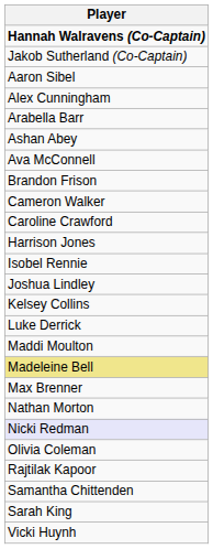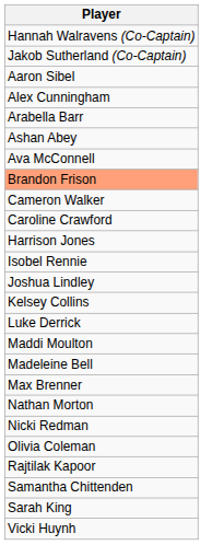 <table class="wikitable mw-collapsible mw-collapsed">
 <tr>
 <th>Player</th>
 </tr>
 <tr>
-<td><strong>Hannah Walravens <em>(Co-Captain)</em></strong></td>
+<td>Hannah Walravens <em>(Co-Captain)</em></td>
 </tr>
 <tr>
 <td>Jakob Sutherland <em>(Co-Captain)</em></td>
 </tr>
 <tr>
 <td>Aaron Sibel</td>
 </tr>
 <tr>
 <td>Alex Cunningham</td>
 </tr>
 <tr>
 <td>Arabella Barr</td>
 </tr>
 <tr>
 <td>Ashan Abey</td>
 </tr>
 <tr>
 <td>Ava McConnell</td>
 </tr>
 <tr>
-<td>Brandon Frison</td>
+<td style="background: lightsalmon;">Brandon Frison</td>
 </tr>
 <tr>
 <td>Cameron Walker</td>
 </tr>
 <tr>
 <td>Caroline Crawford</td>
 </tr>
 <tr>
 <td>Harrison Jones</td>
 </tr>
 <tr>
 <td>Isobel Rennie</td>
 </tr>
 <tr>
 <td>Joshua Lindley</td>
 </tr>
 <tr>
 <td>Kelsey Collins</td>
 </tr>
 <tr>
 <td>Luke Derrick</td>
 </tr>
 <tr>
 <td>Maddi Moulton</td>
 </tr>
 <tr>
-<td style="background: khaki;">Madeleine Bell</td>
+<td>Madeleine Bell</td>
 </tr>
 <tr>
 <td>Max Brenner</td>
 </tr>
 <tr>
 <td>Nathan Morton</td>
 </tr>
 <tr>
-<td style="background: lavender;">Nicki Redman</td>
+<td>Nicki Redman</td>
 </tr>
 <tr>
 <td>Olivia Coleman</td>
 </tr>
 <tr>
 <td>Rajtilak Kapoor</td>
 </tr>
 <tr>
 <td>Samantha Chittenden</td>
 </tr>
 <tr>
 <td>Sarah King</td>
 </tr>
 <tr>
 <td>Vicki Huynh</td>
 </tr>
 </table>
